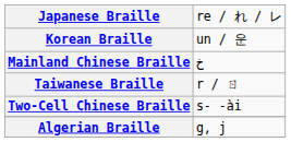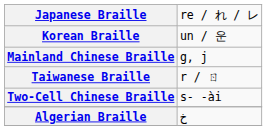 <table class="wikitable">
 <tr>
 <th align=left><a href='#'>Japanese Braille</a></th>
 <td>re / れ / レ </td>
 </tr>
 <tr>
 <th align=left><a href='#'>Korean Braille</a></th>
 <td>un / 운 </td>
 </tr>
 <tr>
 <th align=left><a href='#'>Mainland Chinese Braille</a></th>
-<td>خ ‎</td>
+<td>g, j </td>
 </tr>
 <tr>
 <th align=left><a href='#'>Taiwanese Braille</a></th>
 <td>r / ㄖ</td>
 </tr>
 <tr>
 <th align=left><a href='#'>Two-Cell Chinese Braille</a></th>
 <td>s- -ài</td>
 </tr>
 <tr>
 </tr>
 <tr>
 </tr>
 <tr>
 <th align=left><a href='#'>Algerian Braille</a></th>
-<td>g, j </td>
+<td>خ ‎</td>
 </tr>
 <tr>
 </tr>
 </table>
